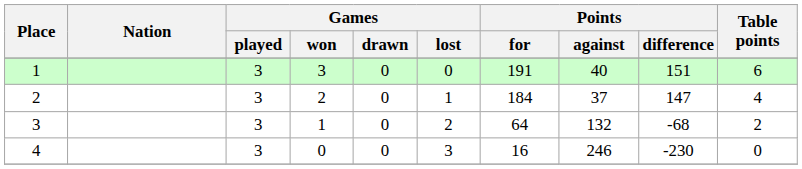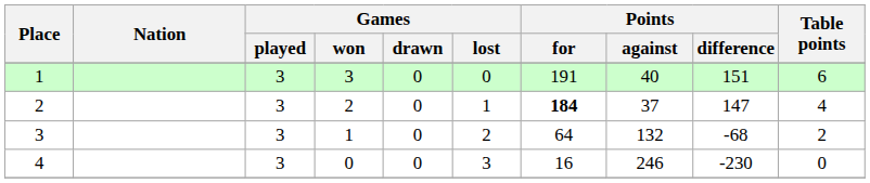 <table class="wikitable">
 <tr>
 <th rowspan=2 width="8%">Place</th>
 <th rowspan=2 width="20%">Nation</th>
 <th colspan=4 width="32%">Games</th>
 <th colspan=3 width="30%">Points</th>
 <th rowspan=2 width="10%">Table<br>points</th>
 </tr>
 <tr>
 <th width="8%">played</th>
 <th width="8%">won</th>
 <th width="8%">drawn</th>
 <th width="8%">lost</th>
 <th width="10%">for</th>
 <th width="10%">against</th>
 <th width="10%">difference</th>
 </tr>
 <tr>
 </tr>
 <tr bgcolor=#ccffcc align=center>
 <td>1</td>
 <td align=left><strong></strong></td>
 <td>3</td>
 <td>3</td>
 <td>0</td>
 <td>0</td>
 <td>191</td>
 <td>40</td>
 <td>151</td>
 <td>6</td>
 </tr>
 <tr bgcolor=#ffffff align=center>
 <td>2</td>
 <td align=left></td>
 <td>3</td>
 <td>2</td>
 <td>0</td>
 <td>1</td>
-<td>184</td>
+<td><strong>184</strong></td>
 <td>37</td>
 <td>147</td>
 <td>4</td>
 </tr>
 <tr bgcolor=#ffffff align=center>
 <td>3</td>
 <td align=left></td>
 <td>3</td>
 <td>1</td>
 <td>0</td>
 <td>2</td>
 <td>64</td>
 <td>132</td>
 <td>-68</td>
 <td>2</td>
 </tr>
 <tr bgcolor=#ffffff align=center>
 <td>4</td>
 <td align=left></td>
 <td>3</td>
 <td>0</td>
 <td>0</td>
 <td>3</td>
 <td>16</td>
 <td>246</td>
 <td>-230</td>
 <td>0</td>
 </tr>
 <tr bgcolor=#ffcccc align=center>
 </tr>
 </table>
